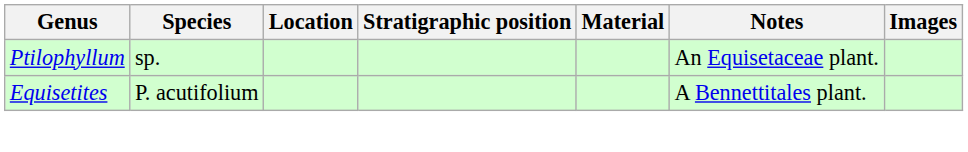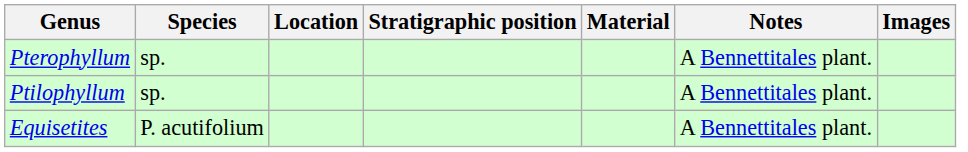 <table class="wikitable" align="center">
 <tr>
 <th>Genus</th>
 <th>Species</th>
 <th>Location</th>
 <th>Stratigraphic position</th>
 <th>Material</th>
 <th>Notes</th>
 <th>Images</th>
 </tr>
 <tr style="background:#D1FFCF;">
+<td><em><a href='#'>Pterophyllum</a></em></td>
+<td>sp.</td>
+<td></td>
+<td></td>
+<td></td>
+<td>A <a href='#'>Bennettitales</a> plant.</td>
+<td></td>
+</tr>
+<tr style="background:#D1FFCF;">
 <td><em><a href='#'>Ptilophyllum</a></em></td>
 <td>sp.</td>
 <td></td>
 <td></td>
 <td></td>
-<td>An <a href='#'>Equisetaceae</a> plant.</td>
+<td>A <a href='#'>Bennettitales</a> plant.</td>
 <td></td>
 </tr>
 <tr style="background:#D1FFCF;">
 <td><em><a href='#'>Equisetites</a></em></td>
 <td>P. acutifolium</td>
 <td></td>
 <td></td>
 <td></td>
 <td>A <a href='#'>Bennettitales</a> plant.</td>
 <td></td>
 </tr>
 </table>
